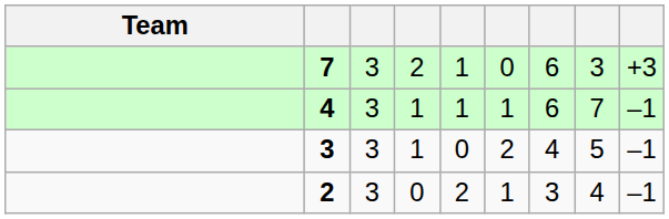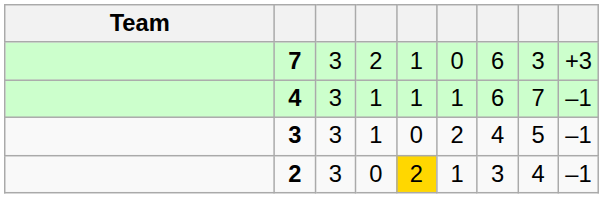 <table class="wikitable" style="text-align:center">
 <tr>
 <th width="175">Team</th>
 <th width="20"></th>
 <th width="20"></th>
 <th width="20"></th>
 <th width="20"></th>
 <th width="20"></th>
 <th width="20"></th>
 <th width="20"></th>
 <th width="20"></th>
 </tr>
 <tr bgcolor=#CCFFCC>
 <td align=left></td>
 <td><strong>7</strong></td>
 <td>3</td>
 <td>2</td>
 <td>1</td>
 <td>0</td>
 <td>6</td>
 <td>3</td>
 <td>+3</td>
 </tr>
 <tr bgcolor=#CCFFCC>
 <td align=left></td>
 <td><strong>4</strong></td>
 <td>3</td>
 <td>1</td>
 <td>1</td>
 <td>1</td>
 <td>6</td>
 <td>7</td>
 <td>–1</td>
 </tr>
 <tr>
 <td align=left></td>
 <td><strong>3</strong></td>
 <td>3</td>
 <td>1</td>
 <td>0</td>
 <td>2</td>
 <td>4</td>
 <td>5</td>
 <td>–1</td>
 </tr>
 <tr>
 <td align=left></td>
 <td><strong>2</strong></td>
 <td>3</td>
 <td>0</td>
-<td>2</td>
+<td style="background: gold;">2</td>
 <td>1</td>
 <td>3</td>
 <td>4</td>
 <td>–1</td>
 </tr>
 </table>
